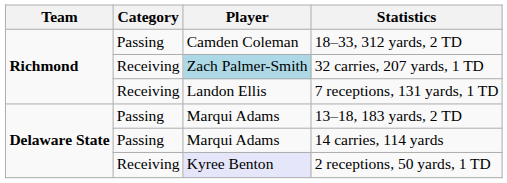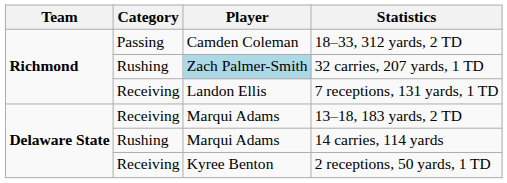 <table class="wikitable" style="float: right;">
 <tr>
 <th>Team</th>
 <th>Category</th>
 <th>Player</th>
 <th>Statistics</th>
 </tr>
 <tr>
 <td rowspan=3><strong>Richmond</strong></td>
 <td>Passing</td>
 <td>Camden Coleman</td>
 <td>18–33, 312 yards, 2 TD</td>
 </tr>
 <tr>
-<td>Receiving</td>
+<td>Rushing</td>
 <td style="background: lightblue;">Zach Palmer-Smith</td>
 <td>32 carries, 207 yards, 1 TD</td>
 </tr>
 <tr>
 <td>Receiving</td>
 <td>Landon Ellis</td>
 <td>7 receptions, 131 yards, 1 TD</td>
 </tr>
 <tr>
 <td rowspan=3><strong>Delaware State</strong></td>
-<td>Passing</td>
+<td>Receiving</td>
 <td>Marqui Adams</td>
 <td>13–18, 183 yards, 2 TD</td>
 </tr>
 <tr>
-<td>Passing</td>
+<td>Rushing</td>
 <td>Marqui Adams</td>
 <td>14 carries, 114 yards</td>
 </tr>
 <tr>
 <td>Receiving</td>
-<td style="background: lavender;">Kyree Benton</td>
+<td>Kyree Benton</td>
 <td>2 receptions, 50 yards, 1 TD</td>
 </tr>
 </table>
